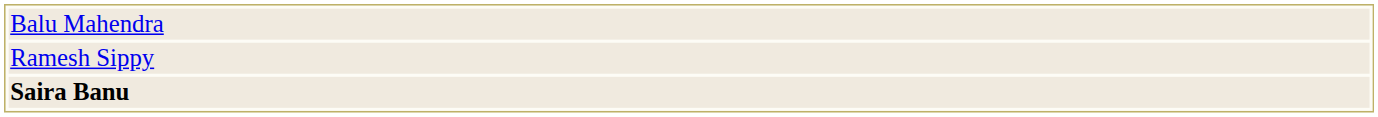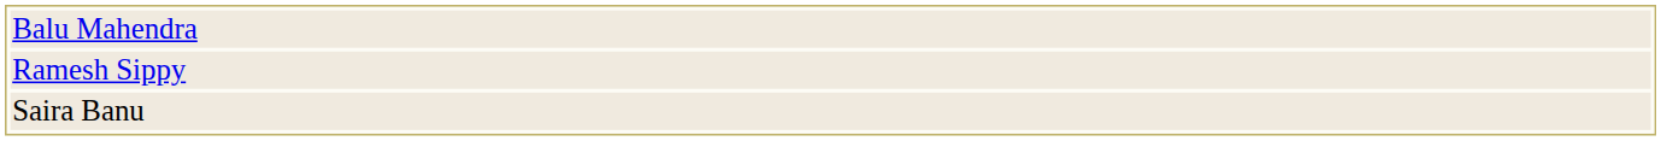 <table style="width:100%;border: 1px solid #BEB168;background-color:#FDFCF6;">
 <tr>
 <td style="background-color:#F0EADF;"> <a href='#'>Balu Mahendra</a> </td>
 </tr>
 <tr>
 <td style="background-color:#F0EADF;"> <a href='#'>Ramesh Sippy</a> </td>
 </tr>
 <tr>
-<td style="background-color:#F0EADF;"><strong> Saira Banu </strong></td>
+<td style="background-color:#F0EADF;"> Saira Banu </td>
 </tr>
 </table>
